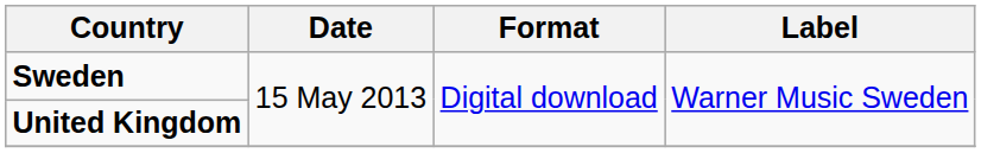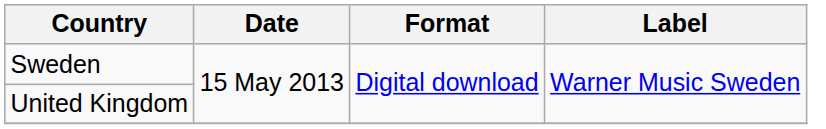 <table class="wikitable plainrowheaders">
 <tr>
 <th scope="col">Country</th>
 <th scope="col">Date</th>
 <th scope="col">Format</th>
 <th scope="col">Label</th>
 </tr>
 <tr>
-<td><strong>Sweden</strong></td>
+<td>Sweden</td>
 <td rowspan="2">15 May 2013</td>
 <td rowspan="2"><a href='#'>Digital download</a></td>
 <td rowspan="2"><a href='#'>Warner Music Sweden</a></td>
 </tr>
 <tr>
-<td><strong>United Kingdom</strong></td>
+<td>United Kingdom</td>
 </tr>
 <tr>
 </tr>
 </table>
